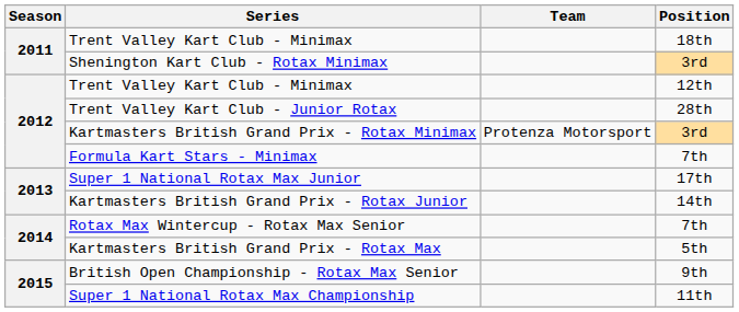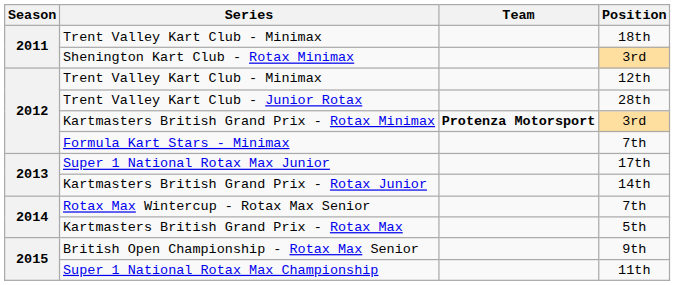 <table class="wikitable" style="font-size: 85%; text-align:center">
 <tr>
 <th>Season</th>
 <th>Series</th>
 <th>Team</th>
 <th>Position</th>
 </tr>
 <tr>
 <th rowspan="2">2011</th>
 <td align="left">Trent Valley Kart Club - Minimax</td>
 <td align="left"></td>
 <td>18th</td>
 </tr>
 <tr>
 <td align="left">Shenington Kart Club - <a href='#'>Rotax Minimax</a></td>
 <td align="left"></td>
 <td style="background:#FFDF9F;">3rd</td>
 </tr>
 <tr>
 <th rowspan="4">2012</th>
 <td align="left">Trent Valley Kart Club - Minimax</td>
 <td align="left"></td>
 <td>12th</td>
 </tr>
 <tr>
 <td align="left">Trent Valley Kart Club - <a href='#'>Junior Rotax</a></td>
 <td align="left"></td>
 <td>28th</td>
 </tr>
 <tr>
 <td align="left">Kartmasters British Grand Prix - <a href='#'>Rotax Minimax</a></td>
-<td align="left">Protenza Motorsport</td>
+<td align="left"><strong>Protenza Motorsport</strong></td>
 <td style="background:#FFDF9F;">3rd</td>
 </tr>
 <tr>
 <td align="left"><a href='#'>Formula Kart Stars - Minimax</a></td>
 <td align="left"></td>
 <td>7th</td>
 </tr>
 <tr>
 <th rowspan="2">2013</th>
 <td align="left"><a href='#'>Super 1 National Rotax Max Junior</a></td>
 <td align="left"></td>
 <td>17th</td>
 </tr>
 <tr>
 <td align="left">Kartmasters British Grand Prix - <a href='#'>Rotax Junior</a></td>
 <td align="left"></td>
 <td>14th</td>
 </tr>
 <tr>
 <th rowspan="2">2014</th>
 <td align="left"><a href='#'>Rotax Max</a> Wintercup - Rotax Max Senior</td>
 <td align="left"></td>
 <td>7th</td>
 </tr>
 <tr>
 <td align="left">Kartmasters British Grand Prix - <a href='#'>Rotax Max</a></td>
 <td align="left"></td>
 <td>5th</td>
 </tr>
 <tr>
 <th rowspan="2">2015</th>
 <td align="left">British Open Championship - <a href='#'>Rotax Max</a> Senior</td>
 <td align="left"></td>
 <td>9th</td>
 </tr>
 <tr>
 <td align="left"><a href='#'>Super 1 National Rotax Max Championship</a></td>
 <td align="left"></td>
 <td>11th</td>
 </tr>
 </table>
